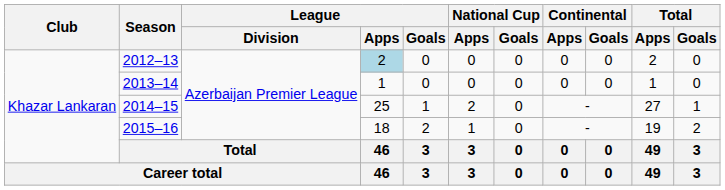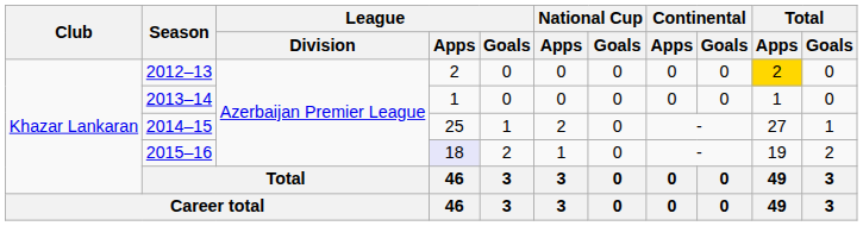 <table class="wikitable" style="text-align: center;">
 <tr>
 <th rowspan="2">Club</th>
 <th rowspan="2">Season</th>
 <th colspan="3">League</th>
 <th colspan="2">National Cup</th>
 <th colspan="2">Continental</th>
 <th colspan="2">Total</th>
 </tr>
 <tr>
 <th>Division</th>
 <th>Apps</th>
 <th>Goals</th>
 <th>Apps</th>
 <th>Goals</th>
 <th>Apps</th>
 <th>Goals</th>
 <th>Apps</th>
 <th>Goals</th>
 </tr>
 <tr>
 <td rowspan="5" valign="center"><a href='#'>Khazar Lankaran</a></td>
 <td><a href='#'>2012–13</a></td>
 <td rowspan="4" valign="center"><a href='#'>Azerbaijan Premier League</a></td>
-<td style="background: lightblue;">2</td>
+<td>2</td>
 <td>0</td>
 <td>0</td>
 <td>0</td>
 <td>0</td>
 <td>0</td>
-<td>2</td>
+<td style="background: gold;">2</td>
 <td>0</td>
 </tr>
 <tr>
 <td><a href='#'>2013–14</a></td>
 <td>1</td>
 <td>0</td>
 <td>0</td>
 <td>0</td>
 <td>0</td>
 <td>0</td>
 <td>1</td>
 <td>0</td>
 </tr>
 <tr>
 <td><a href='#'>2014–15</a></td>
 <td>25</td>
 <td>1</td>
 <td>2</td>
 <td>0</td>
 <td colspan="2">-</td>
 <td>27</td>
 <td>1</td>
 </tr>
 <tr>
 <td><a href='#'>2015–16</a></td>
-<td>18</td>
+<td style="background: lavender;">18</td>
 <td>2</td>
 <td>1</td>
 <td>0</td>
 <td colspan="2">-</td>
 <td>19</td>
 <td>2</td>
 </tr>
 <tr>
 <th colspan="2">Total</th>
 <th>46</th>
 <th>3</th>
 <th>3</th>
 <th>0</th>
 <th>0</th>
 <th>0</th>
 <th>49</th>
 <th>3</th>
 </tr>
 <tr>
 <th colspan="3">Career total</th>
 <th>46</th>
 <th>3</th>
 <th>3</th>
 <th>0</th>
 <th>0</th>
 <th>0</th>
 <th>49</th>
 <th>3</th>
 </tr>
 </table>
